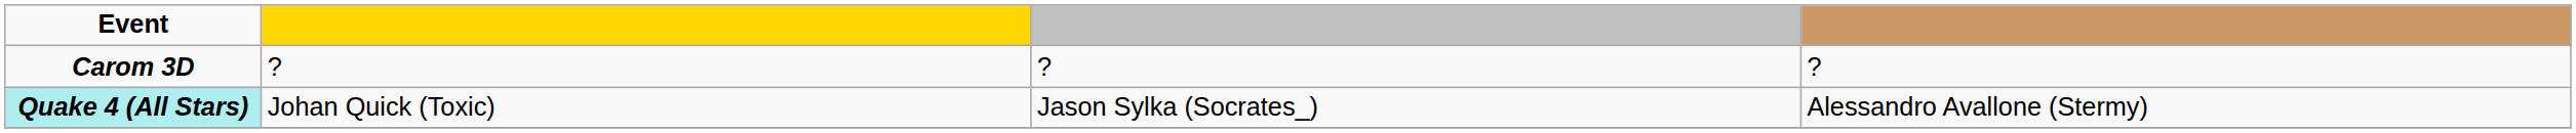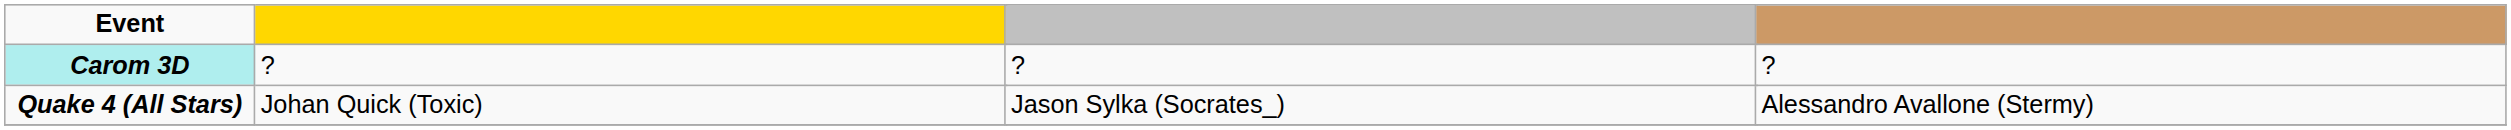 <table class="wikitable" width=100%>
 <tr>
 <td style="text-align:center"  width=10%><strong>Event</strong></td>
 <td colspan="2" style="text-align:center" bgcolor="gold" width=30%></td>
 <td colspan="2" style="text-align:center" bgcolor="silver" width=30%></td>
 <td colspan="2" style="text-align:center" bgcolor="CC9966" width=30%></td>
 </tr>
 <tr>
-<td style="text-align:center"><strong><em>Carom 3D</em></strong></td>
+<td style="background: paleturquoise; text-align:center"><strong><em>Carom 3D</em></strong></td>
 <td colspan="2">?</td>
 <td colspan="2">?</td>
 <td colspan="2">?</td>
 </tr>
 <tr>
-<td style="background: paleturquoise; text-align:center"><strong><em>Quake 4 (All Stars)</em></strong></td>
+<td style="text-align:center"><strong><em>Quake 4 (All Stars)</em></strong></td>
 <td colspan="2"> Johan Quick (Toxic)</td>
 <td colspan="2"> Jason Sylka (Socrates_)</td>
 <td colspan="2"> Alessandro Avallone (Stermy)</td>
 </tr>
 <tr>
 </tr>
 </table>
